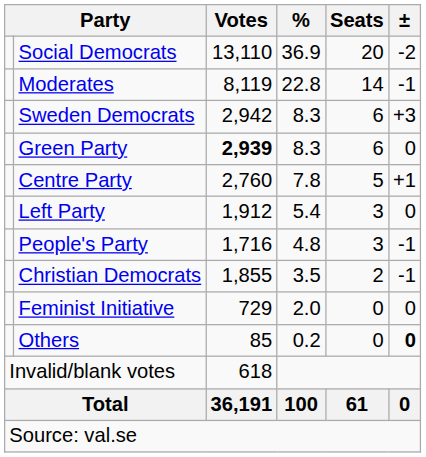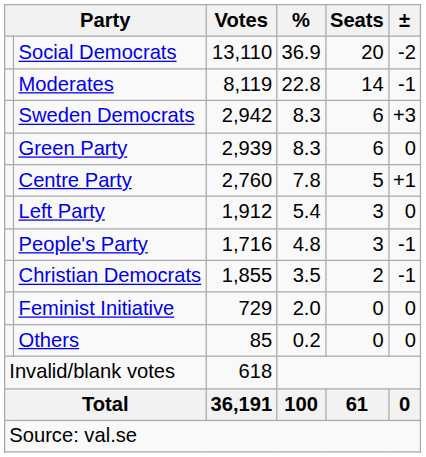 <table class=wikitable style=text-align:right>
 <tr>
 <th colspan=2>Party</th>
 <th>Votes</th>
 <th>%</th>
 <th>Seats</th>
 <th>±</th>
 </tr>
 <tr>
 <td bgcolor=></td>
 <td align=left><a href='#'>Social Democrats</a></td>
 <td>13,110</td>
 <td>36.9</td>
 <td>20</td>
 <td>-2</td>
 </tr>
 <tr>
 <td bgcolor=></td>
 <td align=left><a href='#'>Moderates</a></td>
 <td>8,119</td>
 <td>22.8</td>
 <td>14</td>
 <td>-1</td>
 </tr>
 <tr>
 <td bgcolor=></td>
 <td align=left><a href='#'>Sweden Democrats</a></td>
 <td>2,942</td>
 <td>8.3</td>
 <td>6</td>
 <td>+3</td>
 </tr>
 <tr>
 <td bgcolor=></td>
 <td align=left><a href='#'>Green Party</a></td>
-<td><strong>2,939</strong></td>
+<td>2,939</td>
 <td>8.3</td>
 <td>6</td>
 <td>0</td>
 </tr>
 <tr>
 <td bgcolor=></td>
 <td align=left><a href='#'>Centre Party</a></td>
 <td>2,760</td>
 <td>7.8</td>
 <td>5</td>
 <td>+1</td>
 </tr>
 <tr>
 <td bgcolor=></td>
 <td align=left><a href='#'>Left Party</a></td>
 <td>1,912</td>
 <td>5.4</td>
 <td>3</td>
 <td>0</td>
 </tr>
 <tr>
 <td bgcolor=></td>
 <td align=left><a href='#'>People's Party</a></td>
 <td>1,716</td>
 <td>4.8</td>
 <td>3</td>
 <td>-1</td>
 </tr>
 <tr>
 <td bgcolor=></td>
 <td align=left><a href='#'>Christian Democrats</a></td>
 <td>1,855</td>
 <td>3.5</td>
 <td>2</td>
 <td>-1</td>
 </tr>
 <tr>
 <td bgcolor=></td>
 <td align=left><a href='#'>Feminist Initiative</a></td>
 <td>729</td>
 <td>2.0</td>
 <td>0</td>
 <td>0</td>
 </tr>
 <tr>
 <td></td>
 <td align=left><a href='#'>Others</a></td>
 <td>85</td>
 <td>0.2</td>
 <td>0</td>
-<td><strong>0</strong></td>
+<td>0</td>
 </tr>
 <tr>
 <td align=left colspan=2>Invalid/blank votes</td>
 <td>618</td>
 <td colspan=3></td>
 </tr>
 <tr>
 <th align=left colspan=2>Total</th>
 <th>36,191</th>
 <th>100</th>
 <th>61</th>
 <th>0</th>
 </tr>
 <tr>
 <td align=left colspan=6>Source: val.se </td>
 </tr>
 </table>
